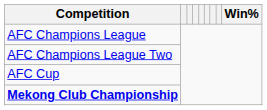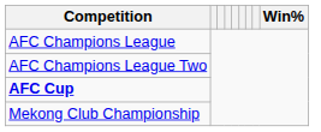 <table class="wikitable collapsible collapsed">
 <tr>
 <th>Competition</th>
 <th></th>
 <th></th>
 <th></th>
 <th></th>
 <th></th>
 <th></th>
 <th></th>
 <th>Win%</th>
 </tr>
 <tr>
 <td align=left><a href='#'>AFC Champions League</a><br></td>
 </tr>
 <tr>
 <td align=left><a href='#'>AFC Champions League Two</a><br></td>
 </tr>
 <tr>
-<td align=left><a href='#'>AFC Cup</a><br></td>
+<td align=left><strong><a href='#'>AFC Cup</a><br></strong></td>
 </tr>
 <tr>
-<td align=left><strong><a href='#'>Mekong Club Championship</a><br></strong></td>
+<td align=left><a href='#'>Mekong Club Championship</a><br></td>
 </tr>
 </table>
